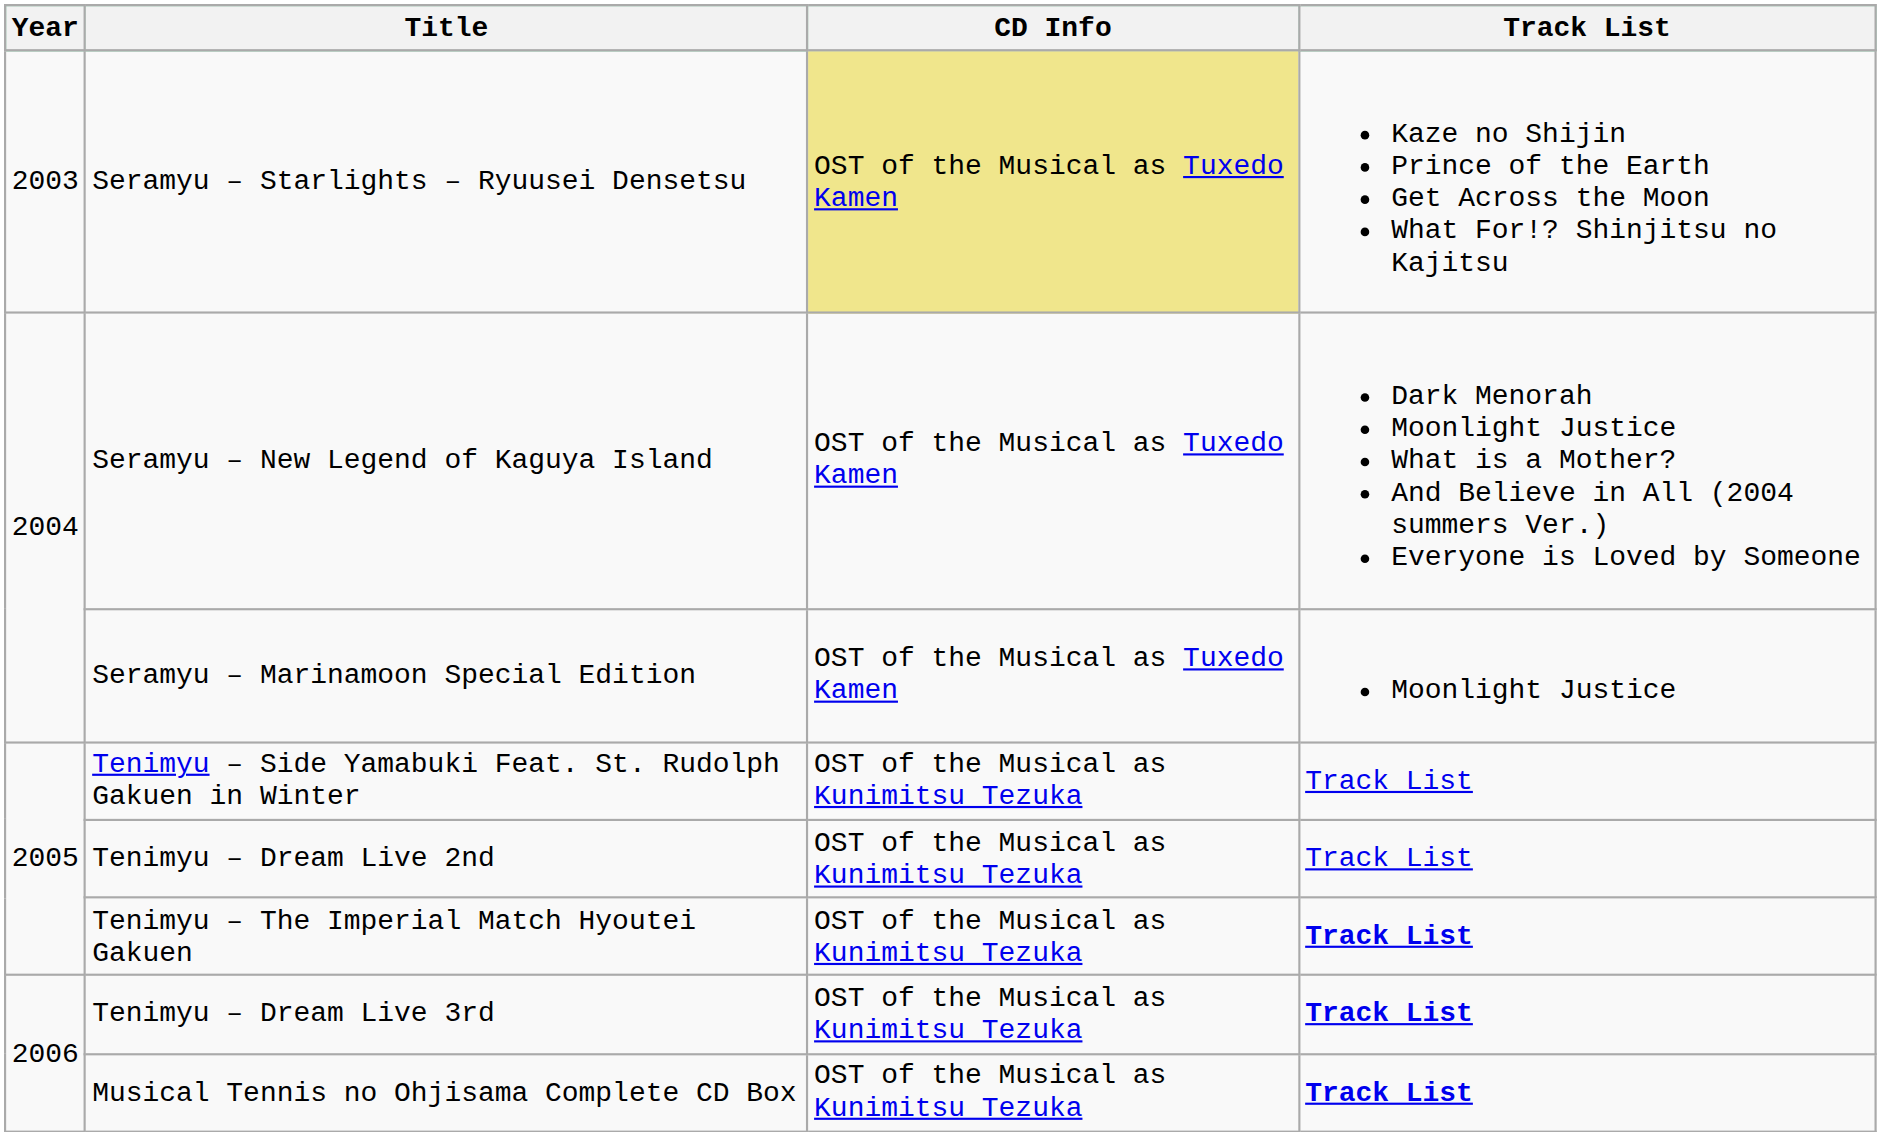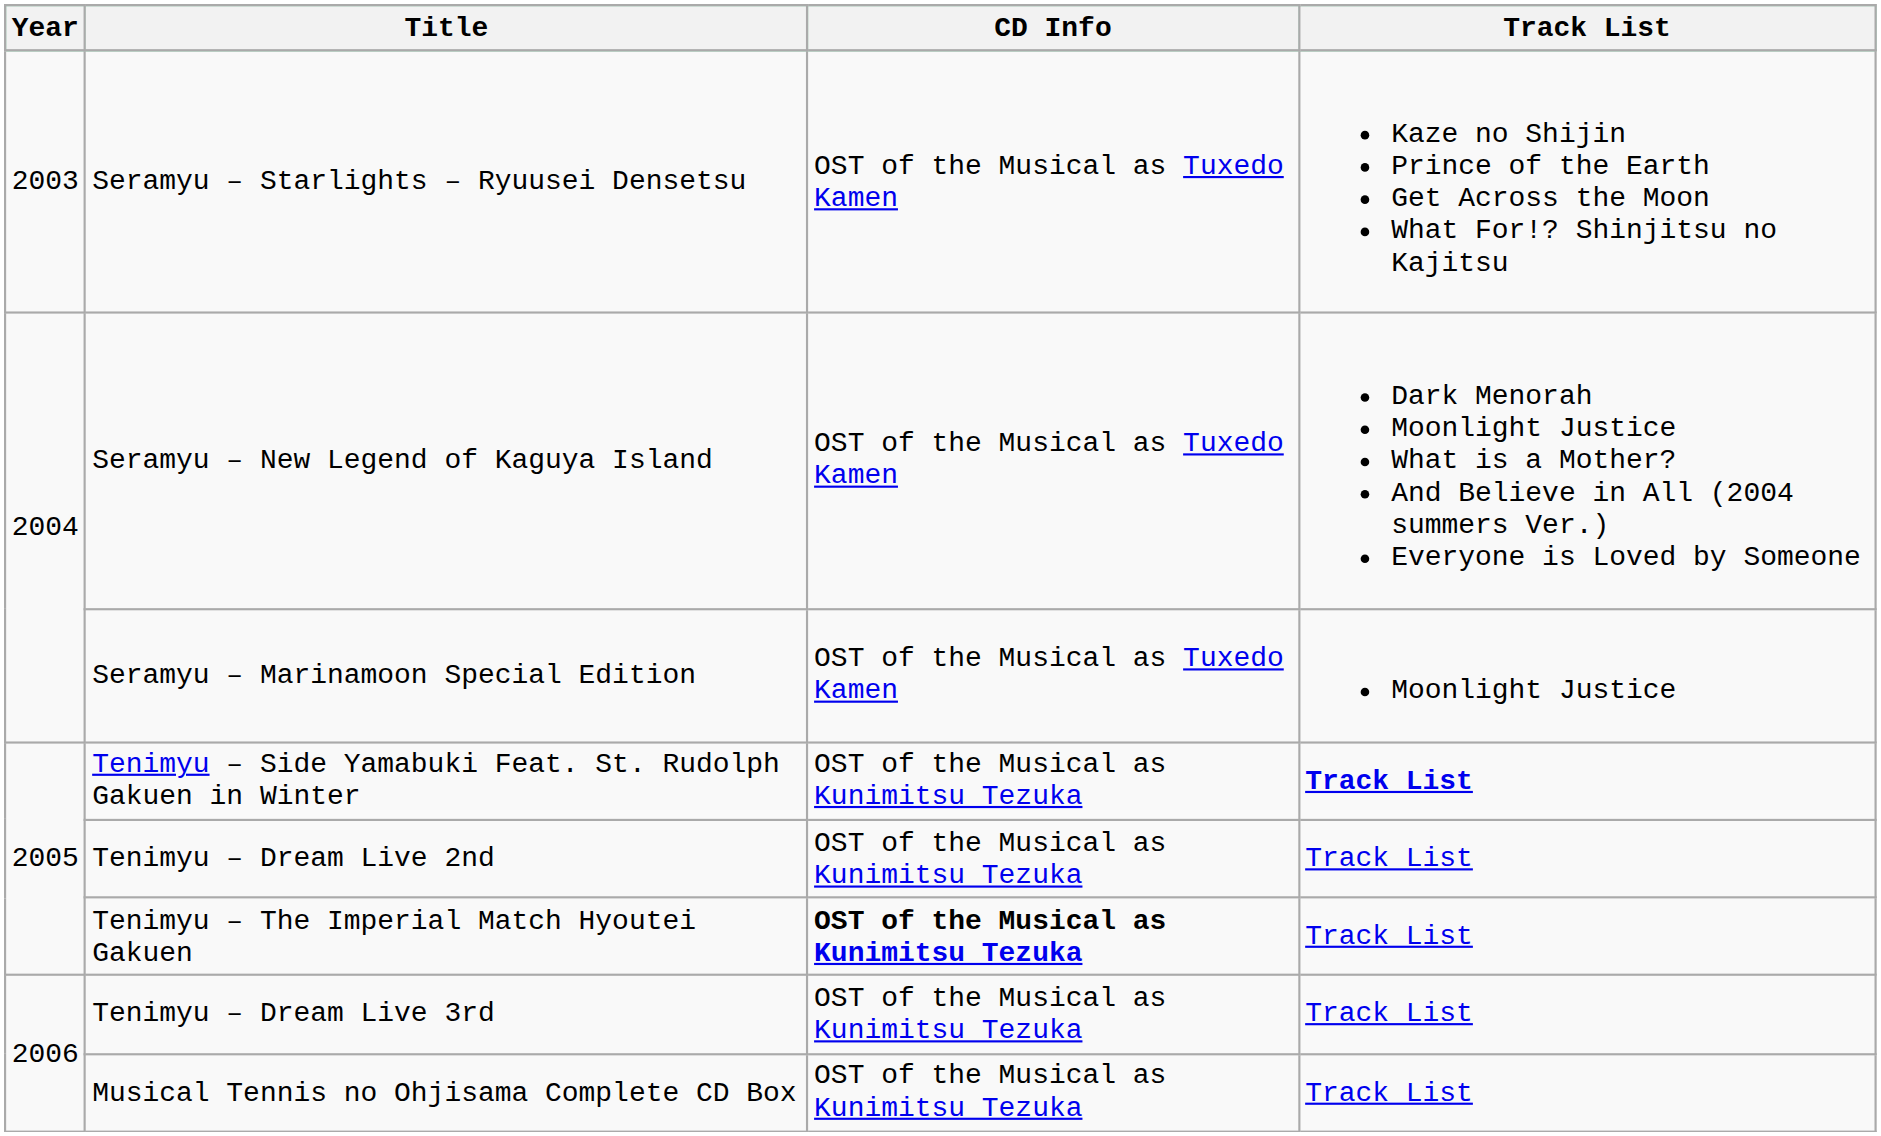 <table class="wikitable">
 <tr style="background:#008040; text-align:center;">
 <th>Year</th>
 <th>Title</th>
 <th>CD Info</th>
 <th>Track List</th>
 </tr>
 <tr>
 <td>2003</td>
 <td>Seramyu – Starlights – Ryuusei Densetsu</td>
-<td style="background: khaki;">OST of the Musical as <a href='#'>Tuxedo Kamen</a></td>
+<td>OST of the Musical as <a href='#'>Tuxedo Kamen</a></td>
 <td><br><ul><li>Kaze no Shijin</li><li>Prince of the Earth</li><li>Get Across the Moon</li><li>What For!? Shinjitsu no Kajitsu</li></ul></td>
 </tr>
 <tr>
 <td rowspan="2">2004</td>
 <td>Seramyu – New Legend of Kaguya Island</td>
 <td>OST of the Musical as <a href='#'>Tuxedo Kamen</a></td>
 <td><br><ul><li>Dark Menorah</li><li>Moonlight Justice</li><li>What is a Mother?</li><li>And Believe in All (2004 summers Ver.)</li><li>Everyone is Loved by Someone</li></ul></td>
 </tr>
 <tr>
 <td>Seramyu – Marinamoon Special Edition</td>
 <td>OST of the Musical as <a href='#'>Tuxedo Kamen</a></td>
 <td><br><ul><li>Moonlight Justice</li></ul></td>
 </tr>
 <tr>
 <td rowspan="3">2005</td>
 <td><a href='#'>Tenimyu</a> – Side Yamabuki Feat. St. Rudolph Gakuen in Winter</td>
 <td>OST of the Musical as <a href='#'>Kunimitsu Tezuka</a></td>
-<td><a href='#'>Track List</a></td>
+<td><strong><a href='#'>Track List</a></strong></td>
 </tr>
 <tr>
 <td>Tenimyu – Dream Live 2nd</td>
 <td>OST of the Musical as <a href='#'>Kunimitsu Tezuka</a></td>
 <td><a href='#'>Track List</a></td>
 </tr>
 <tr>
 <td>Tenimyu – The Imperial Match Hyoutei Gakuen</td>
-<td>OST of the Musical as <a href='#'>Kunimitsu Tezuka</a></td>
-<td><strong><a href='#'>Track List</a></strong></td>
+<td><strong>OST of the Musical as <a href='#'>Kunimitsu Tezuka</a></strong></td>
+<td><a href='#'>Track List</a></td>
 </tr>
 <tr>
 <td rowspan="2">2006</td>
 <td>Tenimyu – Dream Live 3rd</td>
 <td>OST of the Musical as <a href='#'>Kunimitsu Tezuka</a></td>
-<td><strong><a href='#'>Track List</a></strong></td>
+<td><a href='#'>Track List</a></td>
 </tr>
 <tr>
 <td>Musical Tennis no Ohjisama Complete CD Box</td>
 <td>OST of the Musical as <a href='#'>Kunimitsu Tezuka</a></td>
-<td><strong><a href='#'>Track List</a></strong></td>
+<td><a href='#'>Track List</a></td>
 </tr>
 </table>
